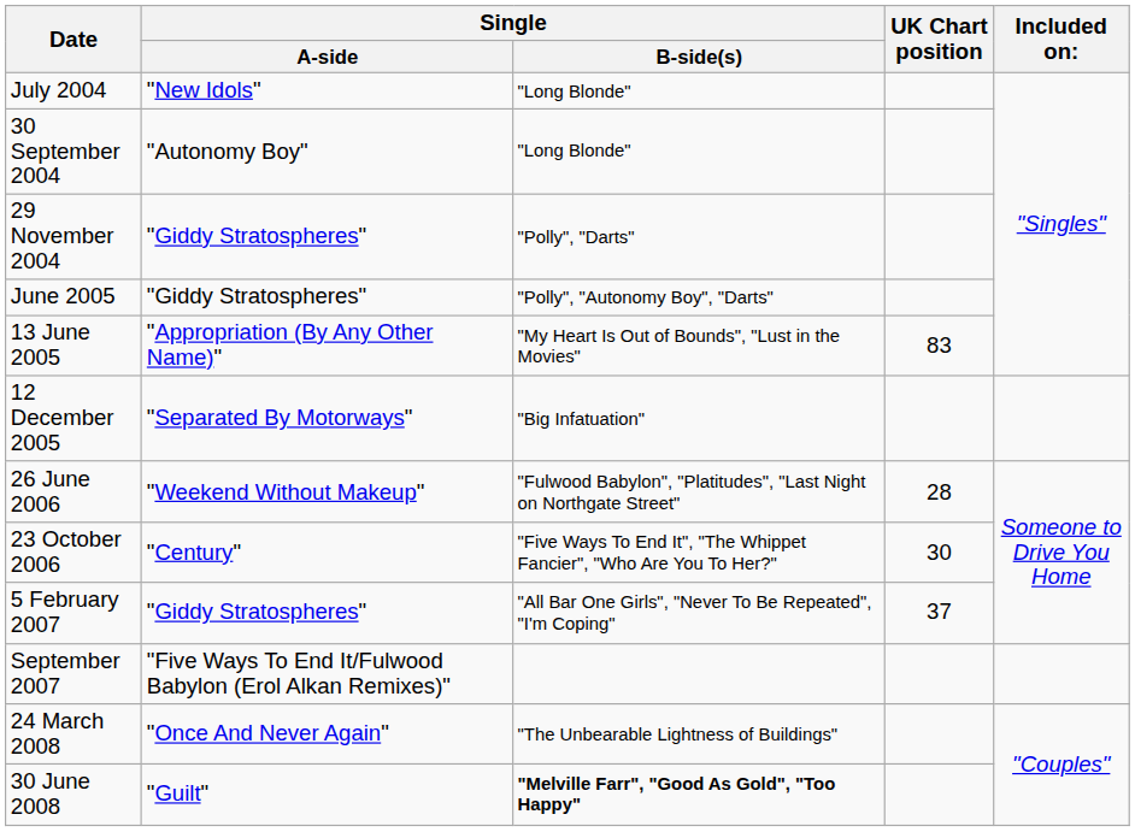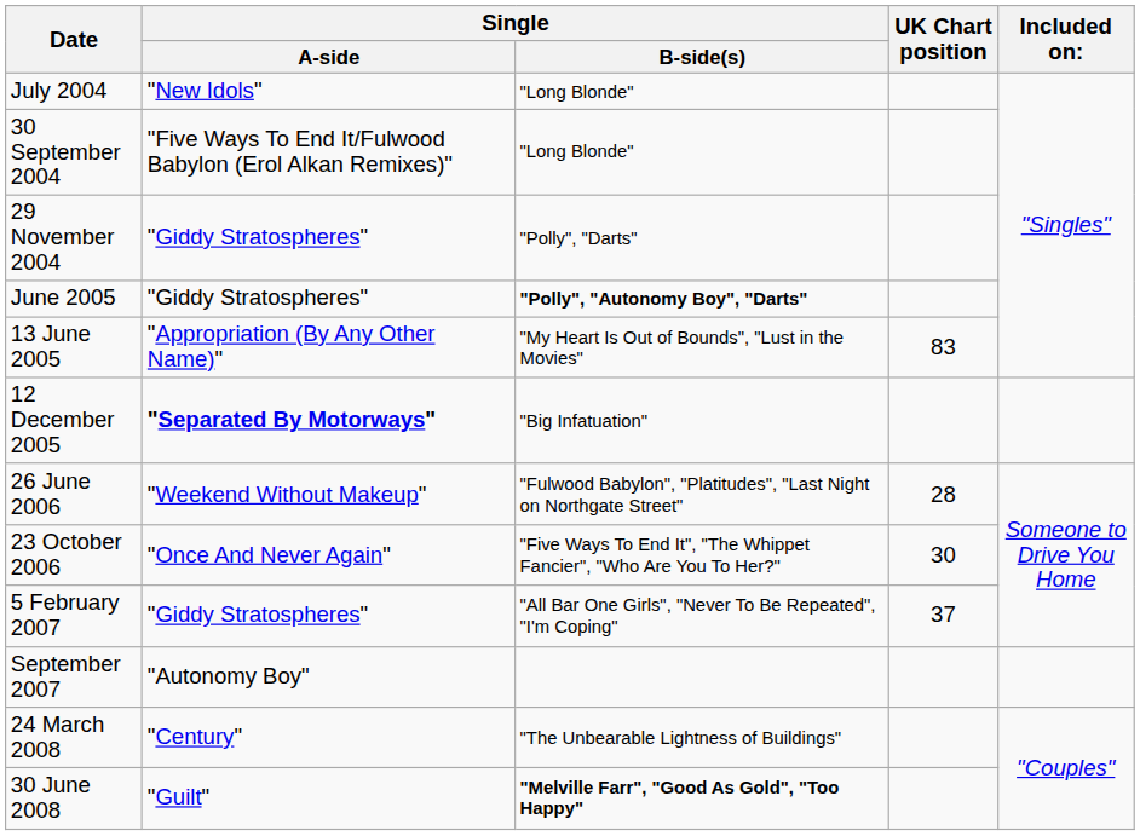 <table class="wikitable">
 <tr>
 <th rowspan="2" style="width:90px;">Date</th>
 <th colspan="2" style="width:120px;">Single</th>
 <th rowspan="2" style="width:70px;">UK Chart position</th>
 <th rowspan="2" style="width:90px;">Included on:</th>
 </tr>
 <tr>
 <th style="width:18em;font-size:90%">A-side</th>
 <th style="width:18em;font-size:90%">B-side(s)</th>
 </tr>
 <tr>
 <td>July 2004</td>
 <td>"<a href='#'>New Idols</a>"</td>
 <td style="font-size:80%">"Long Blonde"</td>
 <td style="text-align:center;"></td>
 <td rowspan="5" style="text-align:center;"><em><a href='#'>"Singles"</a></em></td>
 </tr>
 <tr>
 <td>30 September 2004</td>
-<td>"Autonomy Boy"</td>
+<td>"Five Ways To End It/Fulwood Babylon (Erol Alkan Remixes)"</td>
 <td style="font-size:80%">"Long Blonde"</td>
 <td style="text-align:center;"></td>
 </tr>
 <tr>
 <td>29 November 2004</td>
 <td>"<a href='#'>Giddy Stratospheres</a>"</td>
 <td style="font-size:80%">"Polly", "Darts"</td>
 <td style="text-align:center;"></td>
 </tr>
 <tr>
 <td>June 2005</td>
 <td>"Giddy Stratospheres"</td>
-<td style="font-size:80%">"Polly", "Autonomy Boy", "Darts"</td>
+<td style="font-size:80%"><strong>"Polly", "Autonomy Boy", "Darts"</strong></td>
 <td style="text-align:center;"></td>
 </tr>
 <tr>
 <td>13 June 2005</td>
 <td>"<a href='#'>Appropriation (By Any Other Name)</a>"</td>
 <td style="font-size:80%">"My Heart Is Out of Bounds", "Lust in the Movies"</td>
 <td style="text-align:center;">83</td>
 </tr>
 <tr>
 <td>12 December 2005</td>
-<td>"<a href='#'>Separated By Motorways</a>"</td>
+<td><strong>"<a href='#'>Separated By Motorways</a>"</strong></td>
 <td style="font-size:80%">"Big Infatuation"</td>
 <td></td>
 </tr>
 <tr>
 <td>26 June 2006</td>
 <td>"<a href='#'>Weekend Without Makeup</a>"</td>
 <td style="font-size:80%">"Fulwood Babylon", "Platitudes", "Last Night on Northgate Street"</td>
 <td style="text-align:center;">28</td>
 <td rowspan="3" style="text-align:center;"><em><a href='#'>Someone to Drive You Home</a></em></td>
 </tr>
 <tr>
 <td>23 October 2006</td>
-<td>"<a href='#'>Century</a>"</td>
+<td>"<a href='#'>Once And Never Again</a>"</td>
 <td style="font-size:80%">"Five Ways To End It", "The Whippet Fancier", "Who Are You To Her?"</td>
 <td style="text-align:center;">30</td>
 </tr>
 <tr>
 <td>5 February 2007</td>
 <td>"<a href='#'>Giddy Stratospheres</a>"</td>
 <td style="font-size:80%">"All Bar One Girls", "Never To Be Repeated", "I'm Coping"</td>
 <td style="text-align:center;">37<br></td>
 </tr>
 <tr>
 <td>September 2007</td>
-<td>"Five Ways To End It/Fulwood Babylon (Erol Alkan Remixes)"</td>
+<td>"Autonomy Boy"</td>
 <td></td>
 <td></td>
 </tr>
 <tr>
 <td>24 March 2008</td>
-<td>"<a href='#'>Once And Never Again</a>"</td>
+<td>"<a href='#'>Century</a>"</td>
 <td style="font-size:80%">"The Unbearable Lightness of Buildings"</td>
 <td></td>
 <td rowspan="2" style="text-align:center;"><em><a href='#'>"Couples"</a></em></td>
 </tr>
 <tr>
 <td>30 June 2008</td>
 <td>"<a href='#'>Guilt</a>"</td>
 <td style="font-size:80%"><strong>"Melville Farr", "Good As Gold", "Too Happy"</strong></td>
 <td></td>
 </tr>
 </table>
